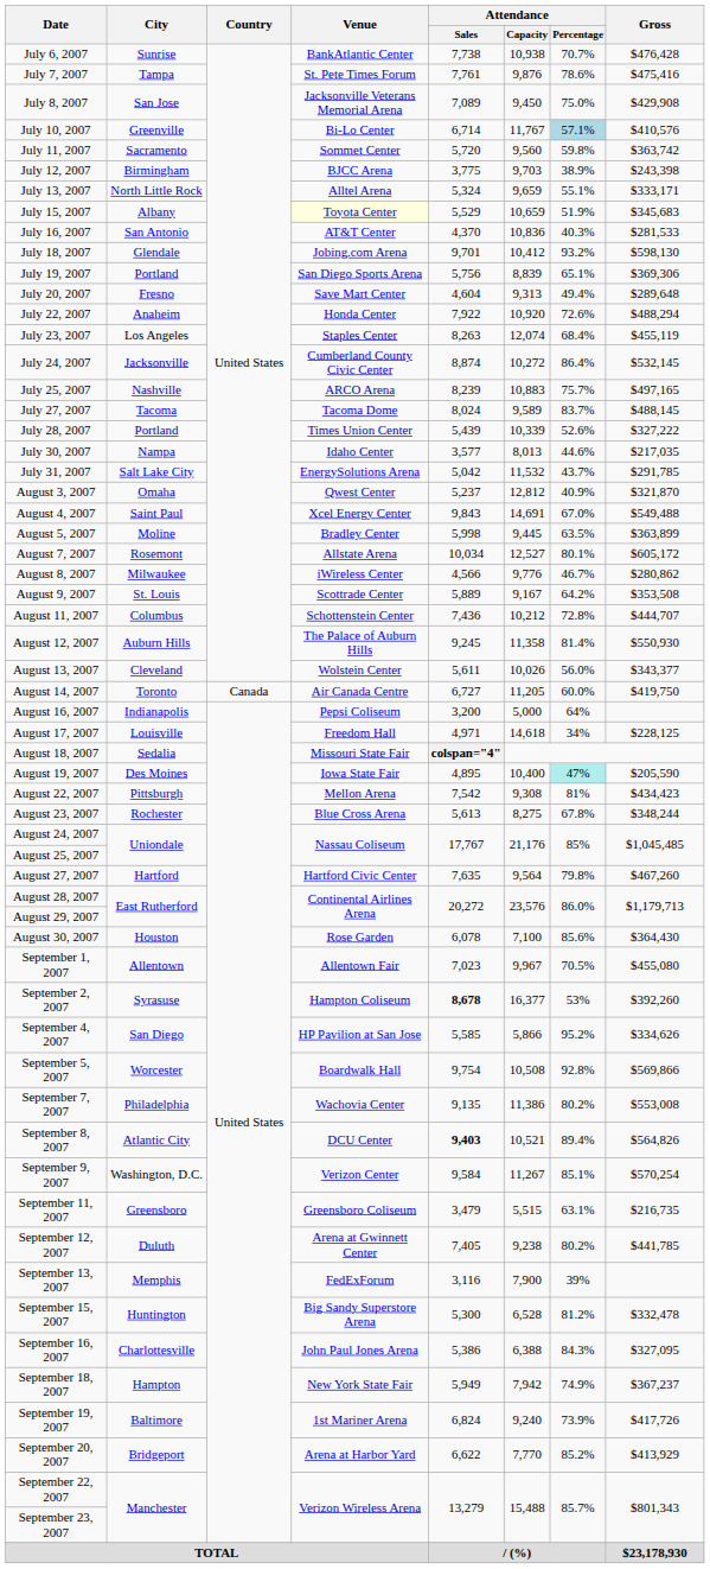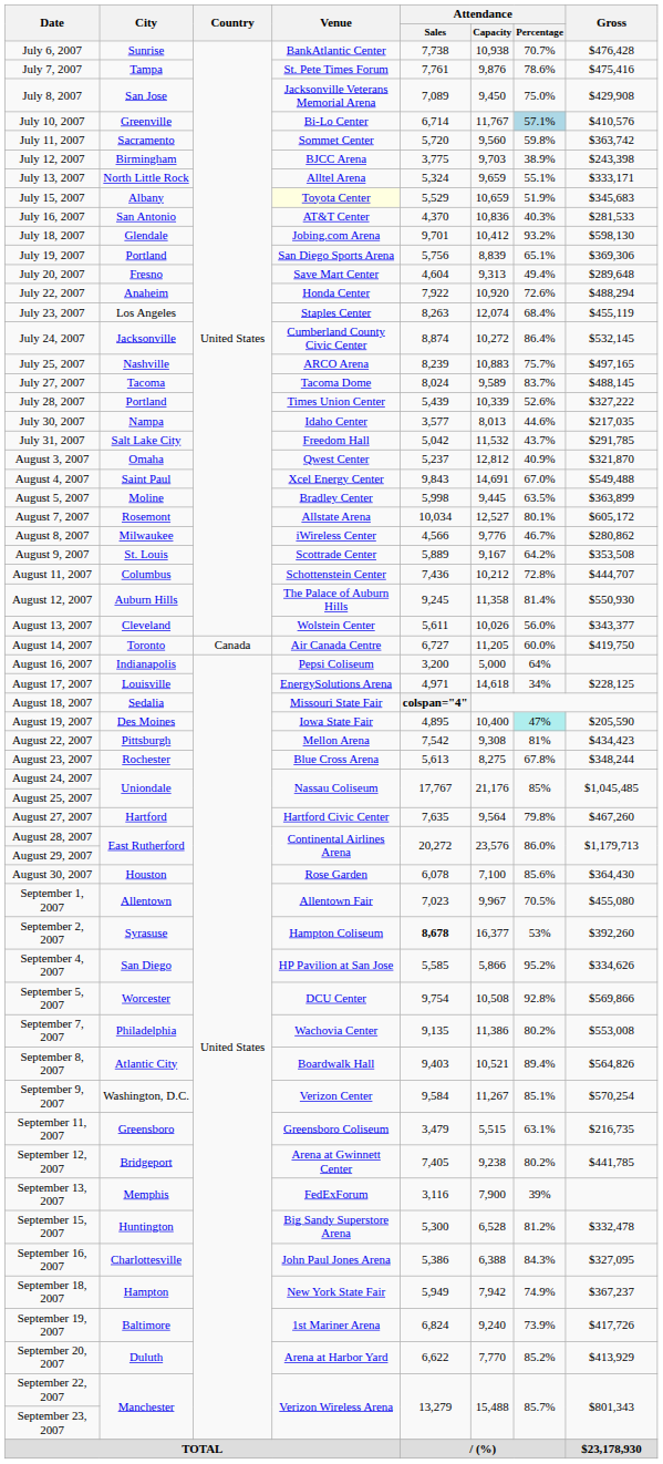 <table class="wikitable" style="text-align:center;">
 <tr>
 <th width="170" rowspan="2">Date</th>
 <th width="140" rowspan="2">City</th>
 <th width="140" rowspan="2">Country</th>
 <th width="220" rowspan="2">Venue</th>
 <th width="170" colspan="3">Attendance</th>
 <th width="150" rowspan="2">Gross</th>
 </tr>
 <tr style="font-size:smaller;">
 <th>Sales</th>
 <th>Capacity</th>
 <th>Percentage</th>
 </tr>
 <tr>
 <td>July 6, 2007</td>
 <td><a href='#'>Sunrise</a></td>
 <td rowspan="29">United States</td>
 <td><a href='#'>BankAtlantic Center</a></td>
 <td>7,738</td>
 <td>10,938</td>
 <td>70.7%</td>
 <td>$476,428</td>
 </tr>
 <tr>
 <td>July 7, 2007</td>
 <td><a href='#'>Tampa</a></td>
 <td><a href='#'>St. Pete Times Forum</a></td>
 <td>7,761</td>
 <td>9,876</td>
 <td>78.6%</td>
 <td>$475,416</td>
 </tr>
 <tr>
 <td>July 8, 2007</td>
 <td><a href='#'>San Jose</a></td>
 <td><a href='#'>Jacksonville Veterans Memorial Arena</a></td>
 <td>7,089</td>
 <td>9,450</td>
 <td>75.0%</td>
 <td>$429,908</td>
 </tr>
 <tr>
 <td>July 10, 2007</td>
 <td><a href='#'>Greenville</a></td>
 <td><a href='#'>Bi-Lo Center</a></td>
 <td>6,714</td>
 <td>11,767</td>
 <td style="background: lightblue;">57.1%</td>
 <td align="center">$410,576</td>
 </tr>
 <tr>
 <td>July 11, 2007</td>
 <td><a href='#'>Sacramento</a></td>
 <td><a href='#'>Sommet Center</a></td>
 <td>5,720</td>
 <td>9,560</td>
 <td>59.8%</td>
 <td>$363,742</td>
 </tr>
 <tr>
 <td>July 12, 2007</td>
 <td><a href='#'>Birmingham</a></td>
 <td><a href='#'>BJCC Arena</a></td>
 <td>3,775</td>
 <td>9,703</td>
 <td>38.9%</td>
 <td>$243,398</td>
 </tr>
 <tr>
 <td>July 13, 2007</td>
 <td><a href='#'>North Little Rock</a></td>
 <td><a href='#'>Alltel Arena</a></td>
 <td>5,324</td>
 <td>9,659</td>
 <td>55.1%</td>
 <td>$333,171</td>
 </tr>
 <tr>
 <td>July 15, 2007</td>
 <td><a href='#'>Albany</a></td>
 <td style="background: lightyellow;"><a href='#'>Toyota Center</a></td>
 <td>5,529</td>
 <td>10,659</td>
 <td>51.9%</td>
 <td>$345,683</td>
 </tr>
 <tr>
 <td>July 16, 2007</td>
 <td><a href='#'>San Antonio</a></td>
 <td><a href='#'>AT&T Center</a></td>
 <td>4,370</td>
 <td>10,836</td>
 <td>40.3%</td>
 <td>$281,533</td>
 </tr>
 <tr>
 <td>July 18, 2007</td>
 <td><a href='#'>Glendale</a></td>
 <td><a href='#'>Jobing.com Arena</a></td>
 <td>9,701</td>
 <td>10,412</td>
 <td>93.2%</td>
 <td>$598,130</td>
 </tr>
 <tr>
 <td>July 19, 2007</td>
 <td><a href='#'>Portland</a></td>
 <td><a href='#'>San Diego Sports Arena</a></td>
 <td>5,756</td>
 <td>8,839</td>
 <td>65.1%</td>
 <td>$369,306</td>
 </tr>
 <tr>
 <td>July 20, 2007</td>
 <td><a href='#'>Fresno</a></td>
 <td><a href='#'>Save Mart Center</a></td>
 <td>4,604</td>
 <td>9,313</td>
 <td>49.4%</td>
 <td>$289,648</td>
 </tr>
 <tr>
 <td>July 22, 2007</td>
 <td><a href='#'>Anaheim</a></td>
 <td><a href='#'>Honda Center</a></td>
 <td>7,922</td>
 <td>10,920</td>
 <td>72.6%</td>
 <td>$488,294</td>
 </tr>
 <tr>
 <td>July 23, 2007</td>
 <td>Los Angeles</td>
 <td><a href='#'>Staples Center</a></td>
 <td>8,263</td>
 <td>12,074</td>
 <td>68.4%</td>
 <td>$455,119</td>
 </tr>
 <tr>
 <td>July 24, 2007</td>
 <td><a href='#'>Jacksonville</a></td>
 <td><a href='#'>Cumberland County Civic Center</a></td>
 <td>8,874</td>
 <td>10,272</td>
 <td>86.4%</td>
 <td>$532,145</td>
 </tr>
 <tr>
 <td>July 25, 2007</td>
 <td><a href='#'>Nashville</a></td>
 <td><a href='#'>ARCO Arena</a></td>
 <td>8,239</td>
 <td>10,883</td>
 <td>75.7%</td>
 <td>$497,165</td>
 </tr>
 <tr>
 <td>July 27, 2007</td>
 <td><a href='#'>Tacoma</a></td>
 <td><a href='#'>Tacoma Dome</a></td>
 <td>8,024</td>
 <td>9,589</td>
 <td>83.7%</td>
 <td>$488,145</td>
 </tr>
 <tr>
 <td>July 28, 2007</td>
 <td><a href='#'>Portland</a></td>
 <td><a href='#'>Times Union Center</a></td>
 <td>5,439</td>
 <td>10,339</td>
 <td>52.6%</td>
 <td>$327,222</td>
 </tr>
 <tr>
 <td>July 30, 2007</td>
 <td><a href='#'>Nampa</a></td>
 <td><a href='#'>Idaho Center</a></td>
 <td>3,577</td>
 <td>8,013</td>
 <td>44.6%</td>
 <td>$217,035</td>
 </tr>
 <tr>
 <td>July 31, 2007</td>
 <td><a href='#'>Salt Lake City</a></td>
-<td><a href='#'>EnergySolutions Arena</a></td>
+<td><a href='#'>Freedom Hall</a></td>
 <td>5,042</td>
 <td>11,532</td>
 <td>43.7%</td>
 <td>$291,785</td>
 </tr>
 <tr>
 <td>August 3, 2007</td>
 <td><a href='#'>Omaha</a></td>
 <td><a href='#'>Qwest Center</a></td>
 <td>5,237</td>
 <td>12,812</td>
 <td>40.9%</td>
 <td>$321,870</td>
 </tr>
 <tr>
 <td>August 4, 2007</td>
 <td><a href='#'>Saint Paul</a></td>
 <td><a href='#'>Xcel Energy Center</a></td>
 <td>9,843</td>
 <td>14,691</td>
 <td>67.0%</td>
 <td>$549,488</td>
 </tr>
 <tr>
 <td>August 5, 2007</td>
 <td><a href='#'>Moline</a></td>
 <td><a href='#'>Bradley Center</a></td>
 <td>5,998</td>
 <td>9,445</td>
 <td>63.5%</td>
 <td>$363,899</td>
 </tr>
 <tr>
 <td>August 7, 2007</td>
 <td><a href='#'>Rosemont</a></td>
 <td><a href='#'>Allstate Arena</a></td>
 <td>10,034</td>
 <td>12,527</td>
 <td>80.1%</td>
 <td>$605,172</td>
 </tr>
 <tr>
 <td>August 8, 2007</td>
 <td><a href='#'>Milwaukee</a></td>
 <td><a href='#'>iWireless Center</a></td>
 <td>4,566</td>
 <td>9,776</td>
 <td>46.7%</td>
 <td>$280,862</td>
 </tr>
 <tr>
 <td>August 9, 2007</td>
 <td><a href='#'>St. Louis</a></td>
 <td><a href='#'>Scottrade Center</a></td>
 <td>5,889</td>
 <td>9,167</td>
 <td>64.2%</td>
 <td>$353,508</td>
 </tr>
 <tr>
 <td>August 11, 2007</td>
 <td><a href='#'>Columbus</a></td>
 <td><a href='#'>Schottenstein Center</a></td>
 <td>7,436</td>
 <td>10,212</td>
 <td>72.8%</td>
 <td>$444,707</td>
 </tr>
 <tr>
 <td>August 12, 2007</td>
 <td><a href='#'>Auburn Hills</a></td>
 <td><a href='#'>The Palace of Auburn Hills</a></td>
 <td>9,245</td>
 <td>11,358</td>
 <td>81.4%</td>
 <td>$550,930</td>
 </tr>
 <tr>
 <td>August 13, 2007</td>
 <td><a href='#'>Cleveland</a></td>
 <td><a href='#'>Wolstein Center</a></td>
 <td>5,611</td>
 <td>10,026</td>
 <td>56.0%</td>
 <td>$343,377</td>
 </tr>
 <tr>
 <td>August 14, 2007</td>
 <td><a href='#'>Toronto</a></td>
 <td>Canada</td>
 <td><a href='#'>Air Canada Centre</a></td>
 <td>6,727</td>
 <td>11,205</td>
 <td>60.0%</td>
 <td>$419,750</td>
 </tr>
 <tr>
 <td>August 16, 2007</td>
 <td><a href='#'>Indianapolis</a></td>
 <td rowspan="29">United States</td>
 <td><a href='#'>Pepsi Coliseum</a></td>
 <td>3,200</td>
 <td>5,000</td>
 <td>64%</td>
 <td></td>
 </tr>
 <tr>
 <td>August 17, 2007</td>
 <td><a href='#'>Louisville</a></td>
-<td><a href='#'>Freedom Hall</a></td>
+<td><a href='#'>EnergySolutions Arena</a></td>
 <td>4,971</td>
 <td>14,618</td>
 <td>34%</td>
 <td>$228,125</td>
 </tr>
 <tr>
 <td>August 18, 2007</td>
 <td><a href='#'>Sedalia</a></td>
 <td><a href='#'>Missouri State Fair</a></td>
 <th>colspan="4" </th>
 </tr>
 <tr>
 <td>August 19, 2007</td>
 <td><a href='#'>Des Moines</a></td>
 <td><a href='#'>Iowa State Fair</a></td>
 <td>4,895</td>
 <td>10,400</td>
 <td style="background: paleturquoise;">47%</td>
 <td>$205,590</td>
 </tr>
 <tr>
 <td>August 22, 2007</td>
 <td><a href='#'>Pittsburgh</a></td>
 <td><a href='#'>Mellon Arena</a></td>
 <td>7,542</td>
 <td>9,308</td>
 <td>81%</td>
 <td>$434,423</td>
 </tr>
 <tr>
 <td>August 23, 2007</td>
 <td><a href='#'>Rochester</a></td>
 <td><a href='#'>Blue Cross Arena</a></td>
 <td>5,613</td>
 <td>8,275</td>
 <td>67.8%</td>
 <td>$348,244</td>
 </tr>
 <tr>
 <td>August 24, 2007</td>
 <td rowspan="2"><a href='#'>Uniondale</a></td>
 <td rowspan="2"><a href='#'>Nassau Coliseum</a></td>
 <td rowspan="2">17,767</td>
 <td rowspan="2">21,176</td>
 <td rowspan="2">85%</td>
 <td rowspan="2">$1,045,485</td>
 </tr>
 <tr>
 <td>August 25, 2007</td>
 </tr>
 <tr>
 <td>August 27, 2007</td>
 <td><a href='#'>Hartford</a></td>
 <td><a href='#'>Hartford Civic Center</a></td>
 <td>7,635</td>
 <td>9,564</td>
 <td>79.8%</td>
 <td>$467,260</td>
 </tr>
 <tr>
 <td>August 28, 2007</td>
 <td rowspan="2"><a href='#'>East Rutherford</a></td>
 <td rowspan="2"><a href='#'>Continental Airlines Arena</a></td>
 <td rowspan="2">20,272</td>
 <td rowspan="2">23,576</td>
 <td rowspan="2">86.0%</td>
 <td rowspan="2">$1,179,713</td>
 </tr>
 <tr>
 <td>August 29, 2007</td>
 </tr>
 <tr>
 <td>August 30, 2007</td>
 <td><a href='#'>Houston</a></td>
 <td><a href='#'>Rose Garden</a></td>
 <td>6,078</td>
 <td>7,100</td>
 <td>85.6%</td>
 <td>$364,430</td>
 </tr>
 <tr>
 <td>September 1, 2007</td>
 <td><a href='#'>Allentown</a></td>
 <td><a href='#'>Allentown Fair</a></td>
 <td>7,023</td>
 <td>9,967</td>
 <td>70.5%</td>
 <td>$455,080</td>
 </tr>
 <tr>
 <td>September 2, 2007</td>
 <td><a href='#'>Syrasuse</a></td>
 <td><a href='#'>Hampton Coliseum</a></td>
 <td><strong>8,678</strong></td>
 <td>16,377</td>
 <td>53%</td>
 <td>$392,260</td>
 </tr>
 <tr>
 <td>September 4, 2007</td>
 <td><a href='#'>San Diego</a></td>
 <td><a href='#'>HP Pavilion at San Jose</a></td>
 <td>5,585</td>
 <td>5,866</td>
 <td>95.2%</td>
 <td>$334,626</td>
 </tr>
 <tr>
 <td>September 5, 2007</td>
 <td><a href='#'>Worcester</a></td>
-<td><a href='#'>Boardwalk Hall</a></td>
+<td><a href='#'>DCU Center</a></td>
 <td>9,754</td>
 <td>10,508</td>
 <td>92.8%</td>
 <td>$569,866</td>
 </tr>
 <tr>
 <td>September 7, 2007</td>
 <td><a href='#'>Philadelphia</a></td>
 <td><a href='#'>Wachovia Center</a></td>
 <td>9,135</td>
 <td>11,386</td>
 <td>80.2%</td>
 <td>$553,008</td>
 </tr>
 <tr>
 <td>September 8, 2007</td>
 <td><a href='#'>Atlantic City</a></td>
-<td><a href='#'>DCU Center</a></td>
-<td><strong>9,403</strong></td>
+<td><a href='#'>Boardwalk Hall</a></td>
+<td>9,403</td>
 <td>10,521</td>
 <td>89.4%</td>
 <td>$564,826</td>
 </tr>
 <tr>
 <td>September 9, 2007</td>
 <td>Washington, D.C.</td>
 <td><a href='#'>Verizon Center</a></td>
 <td>9,584</td>
 <td>11,267</td>
 <td>85.1%</td>
 <td>$570,254</td>
 </tr>
 <tr>
 <td>September 11, 2007</td>
 <td><a href='#'>Greensboro</a></td>
 <td><a href='#'>Greensboro Coliseum</a></td>
 <td>3,479</td>
 <td>5,515</td>
 <td>63.1%</td>
 <td>$216,735</td>
 </tr>
 <tr>
 <td>September 12, 2007</td>
-<td><a href='#'>Duluth</a></td>
+<td><a href='#'>Bridgeport</a></td>
 <td><a href='#'>Arena at Gwinnett Center</a></td>
 <td>7,405</td>
 <td>9,238</td>
 <td>80.2%</td>
 <td>$441,785</td>
 </tr>
 <tr>
 <td>September 13, 2007</td>
 <td><a href='#'>Memphis</a></td>
 <td><a href='#'>FedExForum</a></td>
 <td>3,116</td>
 <td>7,900</td>
 <td>39%</td>
 <td></td>
 </tr>
 <tr>
 <td>September 15, 2007</td>
 <td><a href='#'>Huntington</a></td>
 <td><a href='#'>Big Sandy Superstore Arena</a></td>
 <td>5,300</td>
 <td>6,528</td>
 <td>81.2%</td>
 <td>$332,478</td>
 </tr>
 <tr>
 <td>September 16, 2007</td>
 <td><a href='#'>Charlottesville</a></td>
 <td><a href='#'>John Paul Jones Arena</a></td>
 <td>5,386</td>
 <td>6,388</td>
 <td>84.3%</td>
 <td>$327,095</td>
 </tr>
 <tr>
 <td>September 18, 2007</td>
 <td><a href='#'>Hampton</a></td>
 <td><a href='#'>New York State Fair</a></td>
 <td>5,949</td>
 <td>7,942</td>
 <td>74.9%</td>
 <td>$367,237</td>
 </tr>
 <tr>
 <td>September 19, 2007</td>
 <td><a href='#'>Baltimore</a></td>
 <td><a href='#'>1st Mariner Arena</a></td>
 <td>6,824</td>
 <td>9,240</td>
 <td>73.9%</td>
 <td>$417,726</td>
 </tr>
 <tr>
 <td>September 20, 2007</td>
-<td><a href='#'>Bridgeport</a></td>
+<td><a href='#'>Duluth</a></td>
 <td><a href='#'>Arena at Harbor Yard</a></td>
 <td>6,622</td>
 <td>7,770</td>
 <td>85.2%</td>
 <td>$413,929</td>
 </tr>
 <tr>
 <td>September 22, 2007</td>
 <td rowspan="2"><a href='#'>Manchester</a></td>
 <td rowspan="2"><a href='#'>Verizon Wireless Arena</a></td>
 <td rowspan="2">13,279</td>
 <td rowspan="2">15,488</td>
 <td rowspan="2">85.7%</td>
 <td rowspan="2">$801,343</td>
 </tr>
 <tr>
 <td>September 23, 2007</td>
 </tr>
 <tr style="background:#ddd;">
 <td colspan="4"><strong>TOTAL</strong></td>
 <td colspan="3"><strong>/ (%)</strong></td>
 <td><strong>$23,178,930</strong></td>
 </tr>
 </table>
